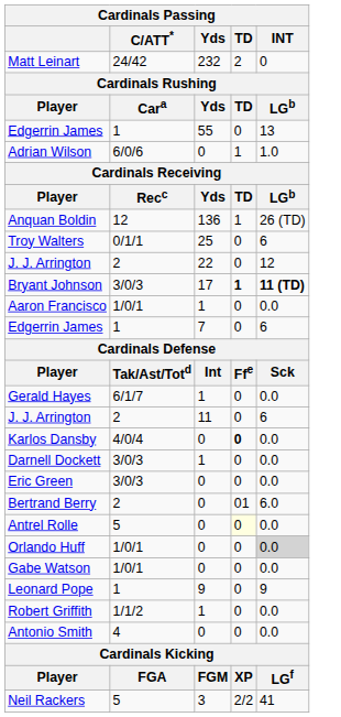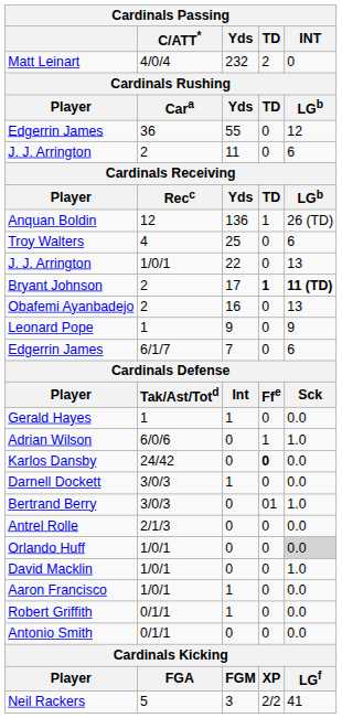 <table class="wikitable">
 <tr>
 <th colspan="5">Cardinals Passing</th>
 </tr>
 <tr>
 <th></th>
 <th>C/ATT<sup>*</sup></th>
 <th>Yds</th>
 <th>TD</th>
 <th>INT</th>
 </tr>
 <tr>
 <td><a href='#'>Matt Leinart</a></td>
-<td>24/42</td>
+<td>4/0/4</td>
 <td>232</td>
 <td>2</td>
 <td>0</td>
 </tr>
 <tr>
 <th colspan="5">Cardinals Rushing</th>
 </tr>
 <tr>
 <th>Player</th>
 <th>Car<sup>a</sup></th>
 <th>Yds</th>
 <th>TD</th>
 <th>LG<sup>b</sup></th>
 </tr>
 <tr>
 <td><a href='#'>Edgerrin James</a></td>
-<td>1</td>
+<td>36</td>
 <td>55</td>
 <td>0</td>
-<td>13</td>
+<td>12</td>
 </tr>
 <tr>
-<td><a href='#'>Adrian Wilson</a></td>
-<td>6/0/6</td>
+<td><a href='#'>J. J. Arrington</a></td>
+<td>2</td>
+<td>11</td>
 <td>0</td>
-<td>1</td>
-<td>1.0</td>
+<td>6</td>
 </tr>
 <tr>
 <th colspan="5">Cardinals Receiving</th>
 </tr>
 <tr>
 <th>Player</th>
 <th>Rec<sup>c</sup></th>
 <th>Yds</th>
 <th>TD</th>
 <th>LG<sup>b</sup></th>
 </tr>
 <tr>
 <td><a href='#'>Anquan Boldin</a></td>
 <td>12</td>
 <td>136</td>
 <td>1</td>
 <td>26 (TD)</td>
 </tr>
 <tr>
 <td><a href='#'>Troy Walters</a></td>
-<td>0/1/1</td>
+<td>4</td>
 <td>25</td>
 <td>0</td>
 <td>6</td>
 </tr>
 <tr>
 <td><a href='#'>J. J. Arrington</a></td>
-<td>2</td>
+<td>1/0/1</td>
 <td>22</td>
 <td>0</td>
-<td>12</td>
+<td>13</td>
 </tr>
 <tr>
 <td><a href='#'>Bryant Johnson</a></td>
-<td>3/0/3</td>
+<td>2</td>
 <td>17</td>
 <td><strong>1</strong></td>
 <td><strong>11 (TD)</strong></td>
 </tr>
 <tr>
-<td><a href='#'>Aaron Francisco</a></td>
-<td>1/0/1</td>
+<td><a href='#'>Obafemi Ayanbadejo</a></td>
+<td>2</td>
+<td>16</td>
+<td>0</td>
+<td>13</td>
+</tr>
+<tr>
+<td><a href='#'>Leonard Pope</a></td>
 <td>1</td>
+<td>9</td>
 <td>0</td>
-<td>0.0</td>
+<td>9</td>
 </tr>
 <tr>
 <td><a href='#'>Edgerrin James</a></td>
-<td>1</td>
+<td>6/1/7</td>
 <td>7</td>
 <td>0</td>
 <td>6</td>
 </tr>
 <tr>
 <th colspan="5">Cardinals Defense</th>
 </tr>
 <tr>
 <th>Player</th>
 <th>Tak/Ast/Tot<sup>d</sup></th>
 <th>Int</th>
 <th>Ff<sup>e</sup></th>
 <th>Sck</th>
 </tr>
 <tr>
 <td><a href='#'>Gerald Hayes</a></td>
-<td>6/1/7</td>
+<td>1</td>
 <td>1</td>
 <td>0</td>
 <td>0.0</td>
 </tr>
 <tr>
-<td><a href='#'>J. J. Arrington</a></td>
-<td>2</td>
-<td>11</td>
+<td><a href='#'>Adrian Wilson</a></td>
+<td>6/0/6</td>
 <td>0</td>
-<td>6</td>
+<td>1</td>
+<td>1.0</td>
 </tr>
 <tr>
 <td><a href='#'>Karlos Dansby</a></td>
-<td>4/0/4</td>
+<td>24/42</td>
 <td>0</td>
 <td><strong>0</strong></td>
 <td>0.0</td>
 </tr>
 <tr>
 <td><a href='#'>Darnell Dockett</a></td>
 <td>3/0/3</td>
 <td>1</td>
 <td>0</td>
 <td>0.0</td>
 </tr>
 <tr>
-<td><a href='#'>Eric Green</a></td>
+<td><a href='#'>Bertrand Berry</a></td>
 <td>3/0/3</td>
 <td>0</td>
-<td>0</td>
-<td>0.0</td>
-</tr>
-<tr>
-<td><a href='#'>Bertrand Berry</a></td>
-<td>2</td>
-<td>0</td>
 <td>01</td>
-<td>6.0</td>
+<td>1.0</td>
 </tr>
 <tr>
 <td><a href='#'>Antrel Rolle</a></td>
-<td>5</td>
+<td>2/1/3</td>
 <td>0</td>
-<td style="background: lightyellow;">0</td>
+<td>0</td>
 <td>0.0</td>
 </tr>
 <tr>
 <td><a href='#'>Orlando Huff</a></td>
 <td>1/0/1</td>
 <td>0</td>
 <td>0</td>
 <td style="background: lightgrey;">0.0</td>
 </tr>
 <tr>
-<td><a href='#'>Gabe Watson</a></td>
+<td><a href='#'>David Macklin</a></td>
 <td>1/0/1</td>
 <td>0</td>
+<td>0</td>
+<td>1.0</td>
+</tr>
+<tr>
+<td><a href='#'>Aaron Francisco</a></td>
+<td>1/0/1</td>
+<td>1</td>
 <td>0</td>
 <td>0.0</td>
 </tr>
 <tr>
-<td><a href='#'>Leonard Pope</a></td>
-<td>1</td>
-<td>9</td>
-<td>0</td>
-<td>9</td>
-</tr>
-<tr>
 <td><a href='#'>Robert Griffith</a></td>
-<td>1/1/2</td>
+<td>0/1/1</td>
 <td>1</td>
 <td>0</td>
 <td>0.0</td>
 </tr>
 <tr>
 <td><a href='#'>Antonio Smith</a></td>
-<td>4</td>
+<td>0/1/1</td>
 <td>0</td>
 <td>0</td>
 <td>0.0</td>
 </tr>
 <tr>
 <th colspan="5">Cardinals Kicking</th>
 </tr>
 <tr>
 <th>Player</th>
 <th>FGA</th>
 <th>FGM</th>
 <th>XP</th>
 <th>LG<sup>f</sup></th>
 </tr>
 <tr>
 <td><a href='#'>Neil Rackers</a></td>
 <td>5</td>
 <td>3</td>
 <td>2/2</td>
 <td>41</td>
 </tr>
 </table>
